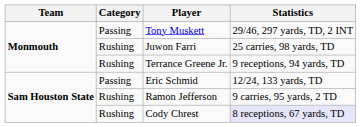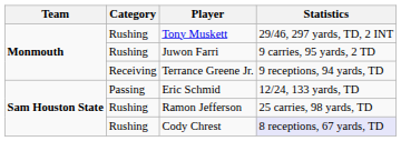 <table class="wikitable" style="float: right;">
 <tr>
 <th>Team</th>
 <th>Category</th>
 <th>Player</th>
 <th>Statistics</th>
 </tr>
 <tr>
 <td rowspan=3><strong>Monmouth</strong></td>
-<td>Passing</td>
+<td>Rushing</td>
 <td><a href='#'>Tony Muskett</a></td>
 <td>29/46, 297 yards, TD, 2 INT</td>
 </tr>
 <tr>
 <td>Rushing</td>
 <td>Juwon Farri</td>
-<td>25 carries, 98 yards, TD</td>
+<td>9 carries, 95 yards, 2 TD</td>
 </tr>
 <tr>
-<td>Rushing</td>
+<td>Receiving</td>
 <td>Terrance Greene Jr.</td>
 <td>9 receptions, 94 yards, TD</td>
 </tr>
 <tr>
 <td rowspan=3><strong>Sam Houston State</strong></td>
 <td>Passing</td>
 <td>Eric Schmid</td>
 <td>12/24, 133 yards, TD</td>
 </tr>
 <tr>
 <td>Rushing</td>
 <td>Ramon Jefferson</td>
-<td>9 carries, 95 yards, 2 TD</td>
+<td>25 carries, 98 yards, TD</td>
 </tr>
 <tr>
 <td>Rushing</td>
 <td>Cody Chrest</td>
 <td style="background: lavender;">8 receptions, 67 yards, TD</td>
 </tr>
 </table>
